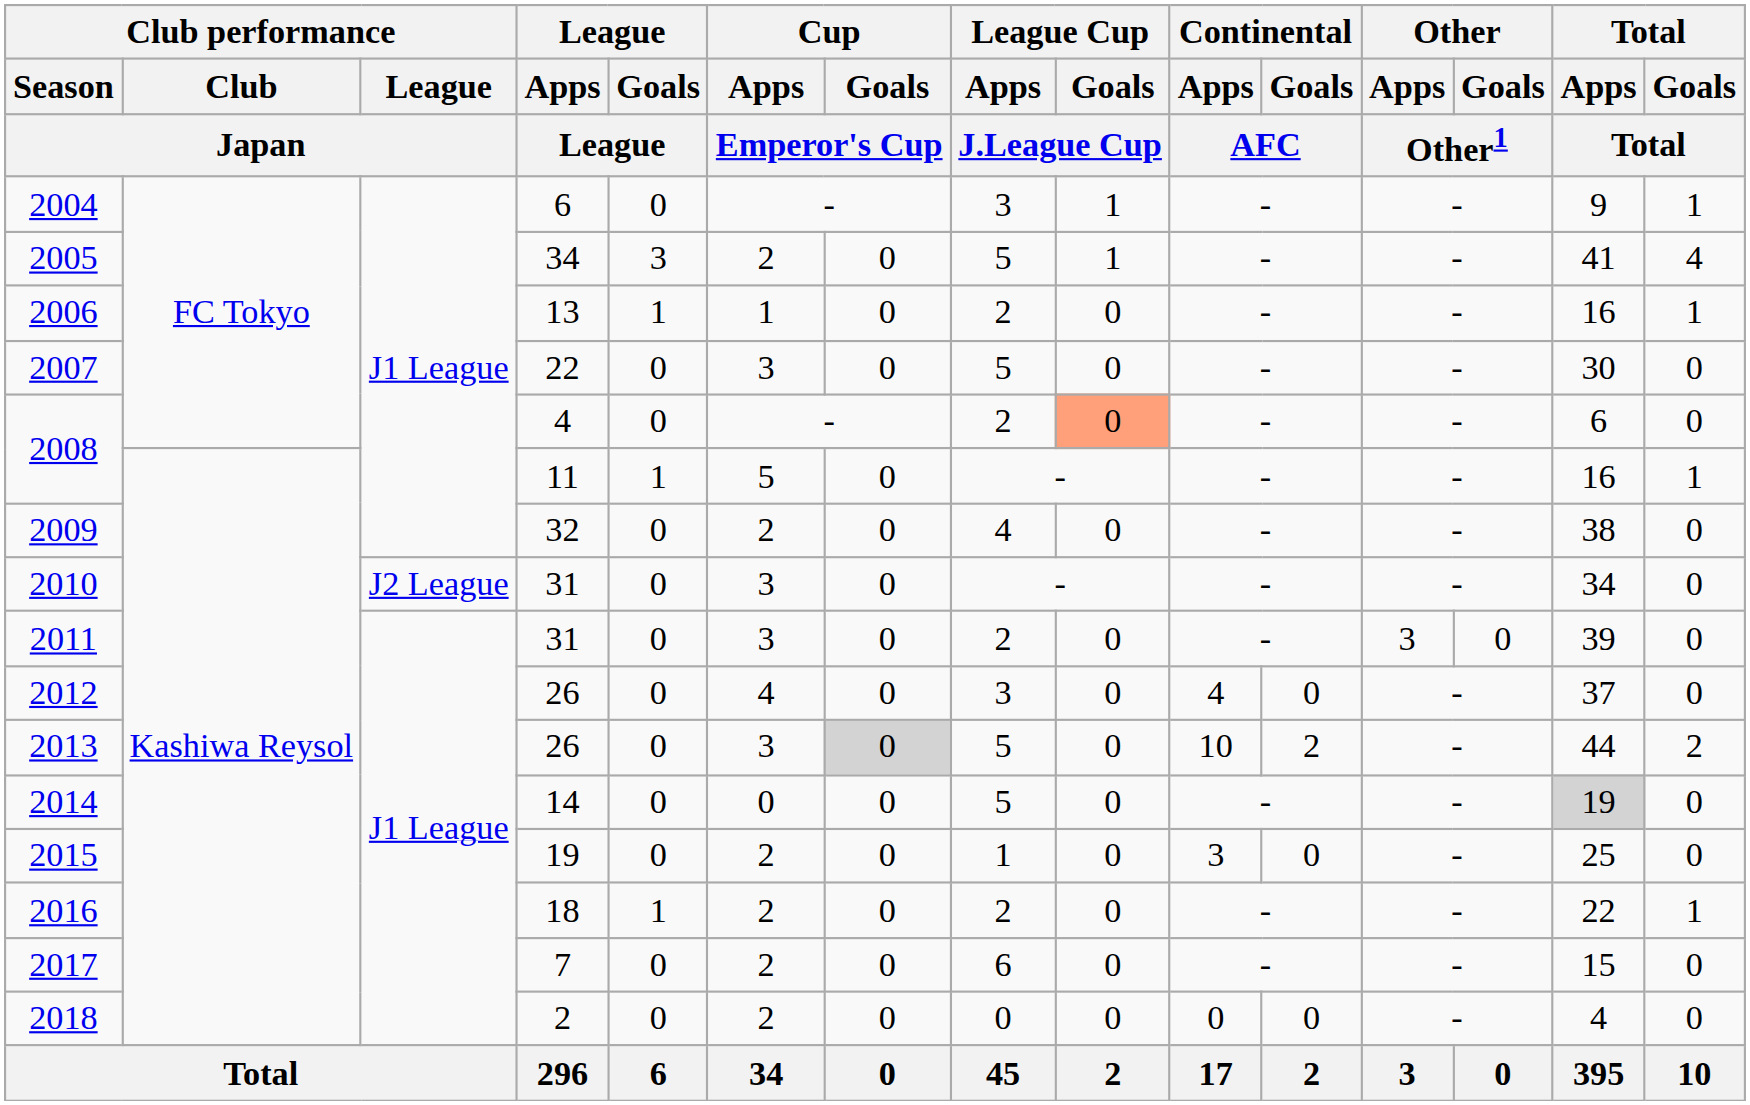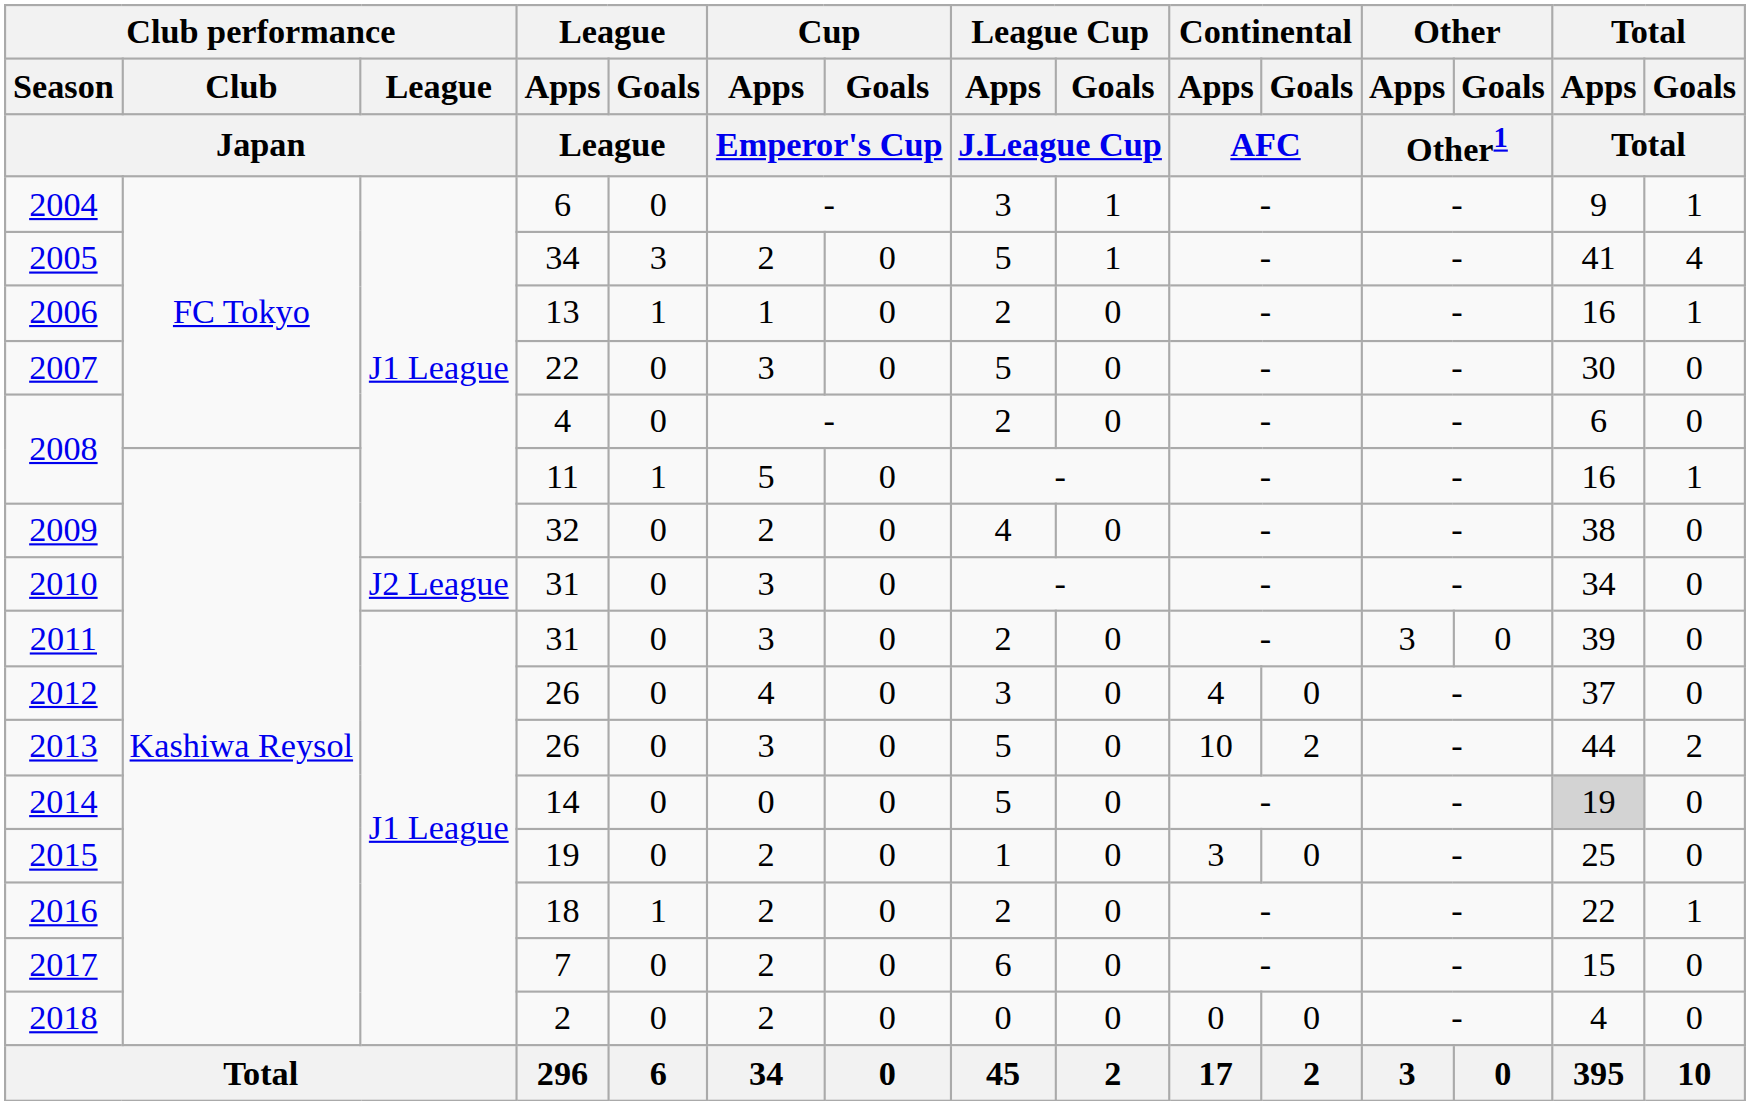 <table class="wikitable" style="text-align:center;">
 <tr>
 <th colspan=3>Club performance</th>
 <th colspan=2>League</th>
 <th colspan=2>Cup</th>
 <th colspan=2>League Cup</th>
 <th colspan=2>Continental</th>
 <th colspan=2>Other</th>
 <th colspan=2>Total</th>
 </tr>
 <tr>
 <th>Season</th>
 <th>Club</th>
 <th>League</th>
 <th>Apps</th>
 <th>Goals</th>
 <th>Apps</th>
 <th>Goals</th>
 <th>Apps</th>
 <th>Goals</th>
 <th>Apps</th>
 <th>Goals</th>
 <th>Apps</th>
 <th>Goals</th>
 <th>Apps</th>
 <th>Goals</th>
 </tr>
 <tr>
 <th colspan=3>Japan</th>
 <th colspan=2>League</th>
 <th colspan=2><a href='#'>Emperor's Cup</a></th>
 <th colspan=2><a href='#'>J.League Cup</a></th>
 <th colspan=2><a href='#'>AFC</a></th>
 <th colspan="2">Other<sup><a href='#'>1</a></sup></th>
 <th colspan=2>Total</th>
 </tr>
 <tr>
 <td><a href='#'>2004</a></td>
 <td rowspan="5"><a href='#'>FC Tokyo</a></td>
 <td rowspan="7"><a href='#'>J1 League</a></td>
 <td>6</td>
 <td>0</td>
 <td colspan="2">-</td>
 <td>3</td>
 <td>1</td>
 <td colspan="2">-</td>
 <td colspan="2">-</td>
 <td>9</td>
 <td>1</td>
 </tr>
 <tr>
 <td><a href='#'>2005</a></td>
 <td>34</td>
 <td>3</td>
 <td>2</td>
 <td>0</td>
 <td>5</td>
 <td>1</td>
 <td colspan="2">-</td>
 <td colspan="2">-</td>
 <td>41</td>
 <td>4</td>
 </tr>
 <tr>
 <td><a href='#'>2006</a></td>
 <td>13</td>
 <td>1</td>
 <td>1</td>
 <td>0</td>
 <td>2</td>
 <td>0</td>
 <td colspan="2">-</td>
 <td colspan="2">-</td>
 <td>16</td>
 <td>1</td>
 </tr>
 <tr>
 <td><a href='#'>2007</a></td>
 <td>22</td>
 <td>0</td>
 <td>3</td>
 <td>0</td>
 <td>5</td>
 <td>0</td>
 <td colspan="2">-</td>
 <td colspan="2">-</td>
 <td>30</td>
 <td>0</td>
 </tr>
 <tr>
 <td rowspan="2"><a href='#'>2008</a></td>
 <td>4</td>
 <td>0</td>
 <td colspan="2">-</td>
 <td>2</td>
-<td style="background: lightsalmon;">0</td>
+<td>0</td>
 <td colspan="2">-</td>
 <td colspan="2">-</td>
 <td>6</td>
 <td>0</td>
 </tr>
 <tr>
 <td rowspan="11"><a href='#'>Kashiwa Reysol</a></td>
 <td>11</td>
 <td>1</td>
 <td>5</td>
 <td>0</td>
 <td colspan="2">-</td>
 <td colspan="2">-</td>
 <td colspan="2">-</td>
 <td>16</td>
 <td>1</td>
 </tr>
 <tr>
 <td><a href='#'>2009</a></td>
 <td>32</td>
 <td>0</td>
 <td>2</td>
 <td>0</td>
 <td>4</td>
 <td>0</td>
 <td colspan="2">-</td>
 <td colspan="2">-</td>
 <td>38</td>
 <td>0</td>
 </tr>
 <tr>
 <td><a href='#'>2010</a></td>
 <td><a href='#'>J2 League</a></td>
 <td>31</td>
 <td>0</td>
 <td>3</td>
 <td>0</td>
 <td colspan="2">-</td>
 <td colspan="2">-</td>
 <td colspan="2">-</td>
 <td>34</td>
 <td>0</td>
 </tr>
 <tr>
 <td><a href='#'>2011</a></td>
 <td rowspan="8"><a href='#'>J1 League</a></td>
 <td>31</td>
 <td>0</td>
 <td>3</td>
 <td>0</td>
 <td>2</td>
 <td>0</td>
 <td colspan="2">-</td>
 <td>3</td>
 <td>0</td>
 <td>39</td>
 <td>0</td>
 </tr>
 <tr>
 <td><a href='#'>2012</a></td>
 <td>26</td>
 <td>0</td>
 <td>4</td>
 <td>0</td>
 <td>3</td>
 <td>0</td>
 <td>4</td>
 <td>0</td>
 <td colspan="2">-</td>
 <td>37</td>
 <td>0</td>
 </tr>
 <tr>
 <td><a href='#'>2013</a></td>
 <td>26</td>
 <td>0</td>
 <td>3</td>
-<td style="background: lightgrey;">0</td>
+<td>0</td>
 <td>5</td>
 <td>0</td>
 <td>10</td>
 <td>2</td>
 <td colspan="2">-</td>
 <td>44</td>
 <td>2</td>
 </tr>
 <tr>
 <td><a href='#'>2014</a></td>
 <td>14</td>
 <td>0</td>
 <td>0</td>
 <td>0</td>
 <td>5</td>
 <td>0</td>
 <td colspan="2">-</td>
 <td colspan="2">-</td>
 <td style="background: lightgrey;">19</td>
 <td>0</td>
 </tr>
 <tr>
 <td><a href='#'>2015</a></td>
 <td>19</td>
 <td>0</td>
 <td>2</td>
 <td>0</td>
 <td>1</td>
 <td>0</td>
 <td>3</td>
 <td>0</td>
 <td colspan="2">-</td>
 <td>25</td>
 <td>0</td>
 </tr>
 <tr>
 <td><a href='#'>2016</a></td>
 <td>18</td>
 <td>1</td>
 <td>2</td>
 <td>0</td>
 <td>2</td>
 <td>0</td>
 <td colspan="2">-</td>
 <td colspan="2">-</td>
 <td>22</td>
 <td>1</td>
 </tr>
 <tr>
 <td><a href='#'>2017</a></td>
 <td>7</td>
 <td>0</td>
 <td>2</td>
 <td>0</td>
 <td>6</td>
 <td>0</td>
 <td colspan="2">-</td>
 <td colspan="2">-</td>
 <td>15</td>
 <td>0</td>
 </tr>
 <tr>
 <td><a href='#'>2018</a></td>
 <td>2</td>
 <td>0</td>
 <td>2</td>
 <td>0</td>
 <td>0</td>
 <td>0</td>
 <td>0</td>
 <td>0</td>
 <td colspan="2">-</td>
 <td>4</td>
 <td>0</td>
 </tr>
 <tr>
 <th colspan=3>Total</th>
 <th>296</th>
 <th>6</th>
 <th>34</th>
 <th>0</th>
 <th>45</th>
 <th>2</th>
 <th>17</th>
 <th>2</th>
 <th>3</th>
 <th>0</th>
 <th>395</th>
 <th>10</th>
 </tr>
 </table>
